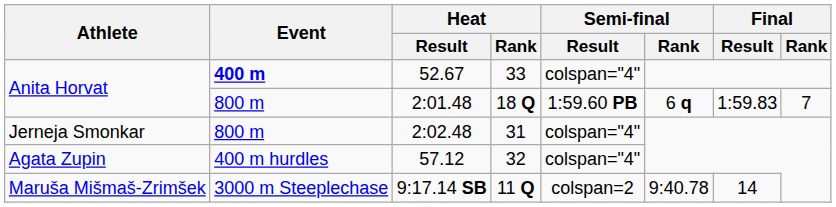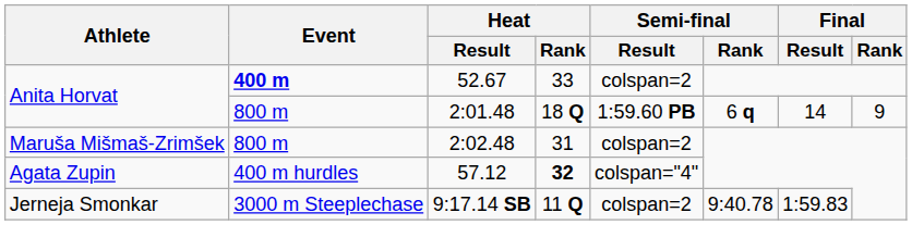 <table class=wikitable style=font-size:90%>
 <tr>
 <th rowspan=2>Athlete</th>
 <th rowspan=2>Event</th>
 <th colspan=2>Heat</th>
 <th colspan=2>Semi-final</th>
 <th colspan=2>Final</th>
 </tr>
 <tr style=font-size:95%>
 <th>Result</th>
 <th>Rank</th>
 <th>Result</th>
 <th>Rank</th>
 <th>Result</th>
 <th>Rank</th>
 </tr>
 <tr align=center>
 <td align=left rowspan=2><a href='#'>Anita Horvat</a></td>
 <td align=left><strong><a href='#'>400 m</a></strong></td>
 <td>52.67</td>
 <td>33</td>
-<td>colspan="4" </td>
+<td>colspan=2 </td>
 </tr>
 <tr align=center>
 <td align=left><a href='#'>800 m</a></td>
 <td>2:01.48</td>
 <td>18 <strong>Q</strong></td>
 <td>1:59.60 <strong>PB</strong></td>
 <td>6 <strong>q</strong></td>
-<td>1:59.83</td>
-<td>7</td>
+<td>14</td>
+<td>9</td>
 </tr>
 <tr align=center>
-<td align=left>Jerneja Smonkar</td>
+<td align=left><a href='#'>Maruša Mišmaš-Zrimšek</a></td>
 <td align=left><a href='#'>800 m</a></td>
 <td>2:02.48</td>
 <td>31</td>
-<td>colspan="4" </td>
+<td>colspan=2 </td>
 </tr>
 <tr align=center>
 <td align=left><a href='#'>Agata Zupin</a></td>
 <td align=left><a href='#'>400 m hurdles</a></td>
 <td>57.12</td>
-<td>32</td>
+<td><strong>32</strong></td>
 <td>colspan="4" </td>
 </tr>
 <tr align=center>
-<td align=left><a href='#'>Maruša Mišmaš-Zrimšek</a></td>
+<td align=left>Jerneja Smonkar</td>
 <td align=left><a href='#'>3000 m Steeplechase</a></td>
 <td>9:17.14 <strong>SB</strong></td>
 <td>11 <strong>Q</strong></td>
 <td>colspan=2 </td>
 <td>9:40.78</td>
-<td>14</td>
+<td>1:59.83</td>
 </tr>
 </table>
